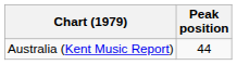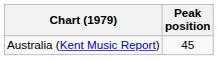 <table class="wikitable">
 <tr>
 <th scope="col">Chart (1979)</th>
 <th>Peak<br>position</th>
 </tr>
 <tr>
 <td>Australia (<a href='#'>Kent Music Report</a>)</td>
-<td style="text-align:center;">44</td>
+<td style="text-align:center;">45</td>
 </tr>
 </table>
